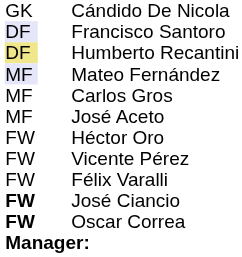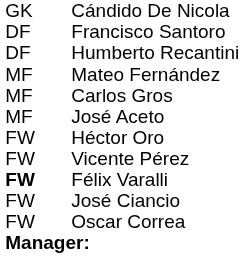 <table cellspacing="0" cellpadding="0" style="font-size:90%; margin:0.2em auto;">
 <tr>
 <th width="25"></th>
 <th width="25"></th>
 </tr>
 <tr>
 <td>GK</td>
 <td></td>
 <td>Cándido De Nicola</td>
 </tr>
 <tr>
-<td style="background: lavender;">DF</td>
+<td>DF</td>
 <td></td>
 <td>Francisco Santoro</td>
 </tr>
 <tr>
-<td style="background: khaki;">DF</td>
+<td>DF</td>
 <td></td>
 <td>Humberto Recantini</td>
 </tr>
 <tr>
-<td style="background: lavender;">MF</td>
+<td>MF</td>
 <td></td>
 <td>Mateo Fernández</td>
 </tr>
 <tr>
 <td>MF</td>
 <td></td>
 <td>Carlos Gros</td>
 </tr>
 <tr>
 <td>MF</td>
 <td></td>
 <td>José Aceto</td>
 </tr>
 <tr>
 <td>FW</td>
 <td></td>
 <td>Héctor Oro</td>
 </tr>
 <tr>
 <td>FW</td>
 <td></td>
 <td>Vicente Pérez</td>
 </tr>
 <tr>
-<td>FW</td>
+<td><strong>FW</strong></td>
 <td></td>
 <td>Félix Varalli</td>
 </tr>
 <tr>
-<td><strong>FW</strong></td>
+<td>FW</td>
 <td></td>
 <td>José Ciancio</td>
 </tr>
 <tr>
-<td><strong>FW</strong></td>
+<td>FW</td>
 <td></td>
 <td>Oscar Correa</td>
 </tr>
 <tr>
 <td colspan=3><strong>Manager:</strong></td>
 </tr>
 <tr>
 <td colspan=4></td>
 </tr>
 </table>
